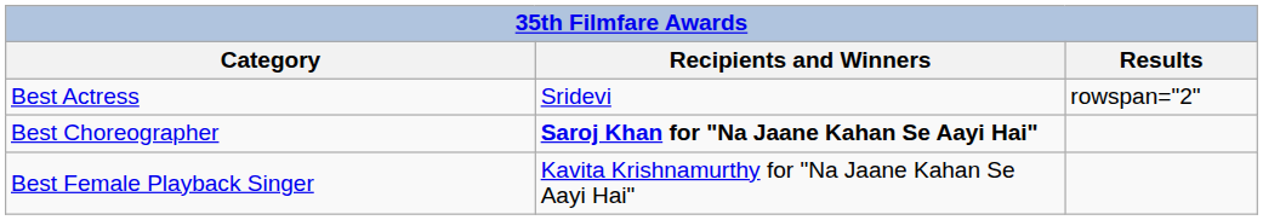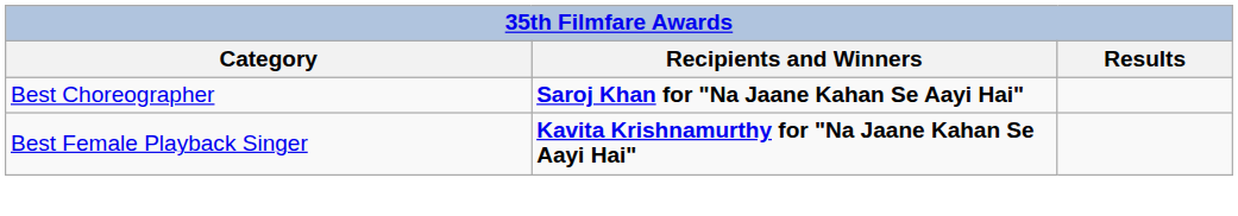 <table class="wikitable">
 <tr style="background:#ccc; text-align:center;">
 <th colspan="3" style="background: LightsteelBlue;"><a href='#'>35th Filmfare Awards</a></th>
 </tr>
 <tr style="background:#ccc; text-align center;">
 <th style="width:30%;">Category</th>
 <th style="width:30%;">Recipients and Winners</th>
 <th style="width:10%;">Results</th>
 </tr>
-<tr style="border-top:2px SolidBlue;">
-<td><a href='#'>Best Actress</a></td>
-<td><a href='#'>Sridevi</a></td>
-<td>rowspan="2"</td>
-</tr>
 <tr>
 <td><a href='#'>Best Choreographer</a></td>
 <td><strong><a href='#'>Saroj Khan</a> for "Na Jaane Kahan Se Aayi Hai"</strong></td>
 </tr>
 <tr>
 <td><a href='#'>Best Female Playback Singer</a></td>
-<td><a href='#'>Kavita Krishnamurthy</a> for "Na Jaane Kahan Se Aayi Hai"</td>
+<td><strong><a href='#'>Kavita Krishnamurthy</a> for "Na Jaane Kahan Se Aayi Hai"</strong></td>
 <td></td>
 </tr>
 </table>
